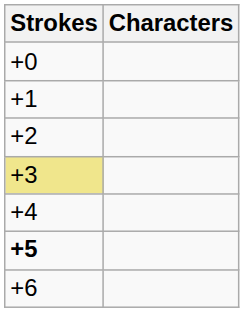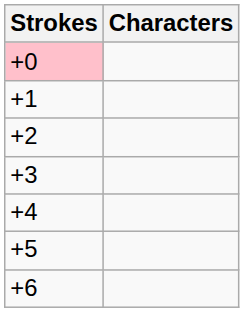 <table class="wikitable">
 <tr>
 <th>Strokes</th>
 <th>Characters</th>
 </tr>
 <tr>
-<td>+0</td>
+<td style="background: pink;">+0</td>
 <td style="font-size: large;"></td>
 </tr>
 <tr>
 <td>+1</td>
 <td style="font-size: large;">  </td>
 </tr>
 <tr>
 <td>+2</td>
 <td style="font-size: large;">     </td>
 </tr>
 <tr>
-<td style="background: khaki;">+3</td>
+<td>+3</td>
 <td style="font-size: large;"></td>
 </tr>
 <tr>
 <td>+4</td>
 <td style="font-size: large;">  </td>
 </tr>
 <tr>
-<td><strong>+5</strong></td>
+<td>+5</td>
 <td style="font-size: large;"> </td>
 </tr>
 <tr>
 <td>+6</td>
 <td style="font-size: large;">   </td>
 </tr>
 </table>
